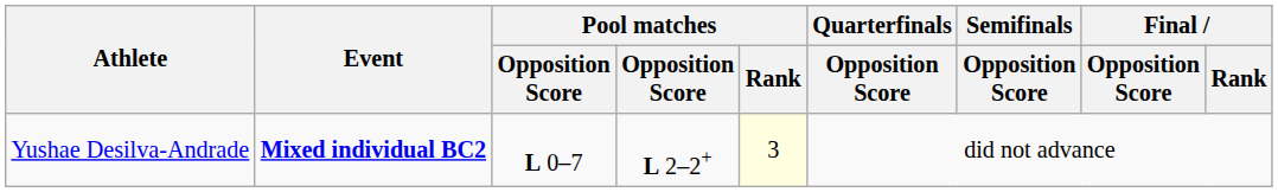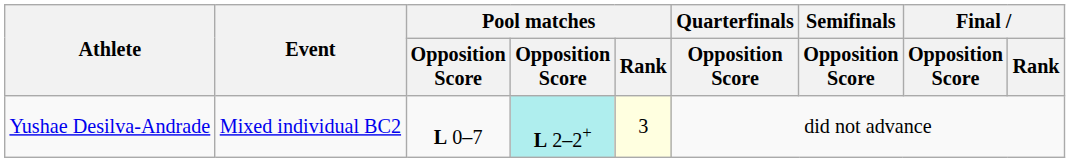 <table class=wikitable style="font-size:90%">
 <tr>
 <th rowspan="2">Athlete</th>
 <th rowspan="2">Event</th>
 <th colspan="3">Pool matches</th>
 <th>Quarterfinals</th>
 <th>Semifinals</th>
 <th colspan="2">Final / </th>
 </tr>
 <tr>
 <th>Opposition<br>Score</th>
 <th>Opposition<br>Score</th>
 <th>Rank</th>
 <th>Opposition<br>Score</th>
 <th>Opposition<br>Score</th>
 <th>Opposition<br>Score</th>
 <th>Rank</th>
 </tr>
 <tr align=center>
 <td align=left><a href='#'>Yushae Desilva-Andrade</a></td>
-<td align=left><strong><a href='#'>Mixed individual BC2</a></strong></td>
+<td align=left><a href='#'>Mixed individual BC2</a></td>
 <td><br><strong>L</strong> 0–7</td>
-<td><br><strong>L</strong> 2–2<sup>+</sup></td>
+<td style="background: paleturquoise;"><br><strong>L</strong> 2–2<sup>+</sup></td>
 <td style="background: lightyellow;">3</td>
 <td colspan=4>did not advance</td>
 </tr>
 </table>
